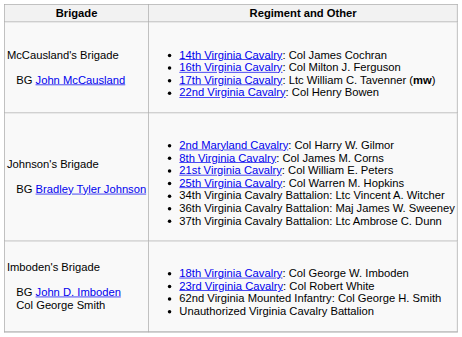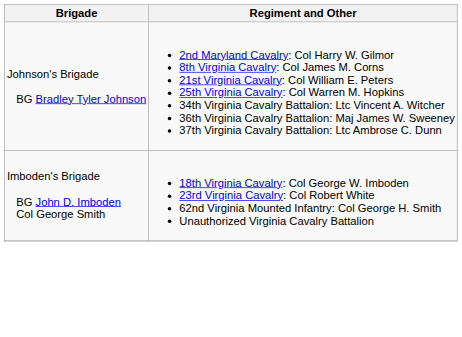 <table class="wikitable">
 <tr>
 <th>Brigade</th>
 <th>Regiment and Other</th>
-</tr>
-<tr>
-<td>McCausland's Brigade<br><br>   BG <a href='#'>John McCausland</a></td>
-<td><br><ul><li><a href='#'>14th Virginia Cavalry</a>: Col James Cochran</li><li><a href='#'>16th Virginia Cavalry</a>: Col Milton J. Ferguson</li><li><a href='#'>17th Virginia Cavalry</a>: Ltc William C. Tavenner (<strong>mw</strong>)</li><li><a href='#'>22nd Virginia Cavalry</a>: Col Henry Bowen</li></ul></td>
 </tr>
 <tr>
 <td>Johnson's Brigade<br><br>   BG <a href='#'>Bradley Tyler Johnson</a></td>
 <td><br><ul><li><a href='#'>2nd Maryland Cavalry</a>: Col Harry W. Gilmor</li><li><a href='#'>8th Virginia Cavalry</a>: Col James M. Corns</li><li><a href='#'>21st Virginia Cavalry</a>: Col William E. Peters</li><li><a href='#'>25th Virginia Cavalry</a>: Col Warren M. Hopkins</li><li>34th Virginia Cavalry Battalion: Ltc Vincent A. Witcher</li><li>36th Virginia Cavalry Battalion: Maj James W. Sweeney</li><li>37th Virginia Cavalry Battalion: Ltc Ambrose C. Dunn</li></ul></td>
 </tr>
 <tr>
 <td>Imboden's Brigade<br><br>   BG <a href='#'>John D. Imboden</a><br>   Col George Smith</td>
 <td><br><ul><li><a href='#'>18th Virginia Cavalry</a>: Col George W. Imboden</li><li><a href='#'>23rd Virginia Cavalry</a>: Col Robert White</li><li>62nd Virginia Mounted Infantry: Col George H. Smith</li><li>Unauthorized Virginia Cavalry Battalion</li></ul></td>
 </tr>
 <tr>
 </tr>
 </table>
